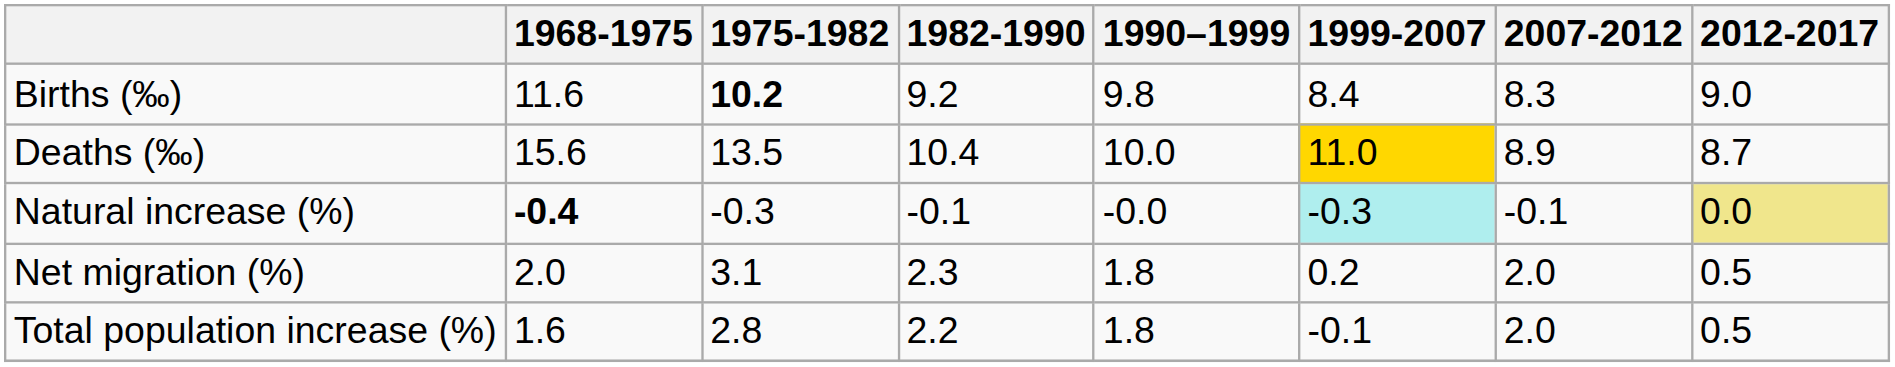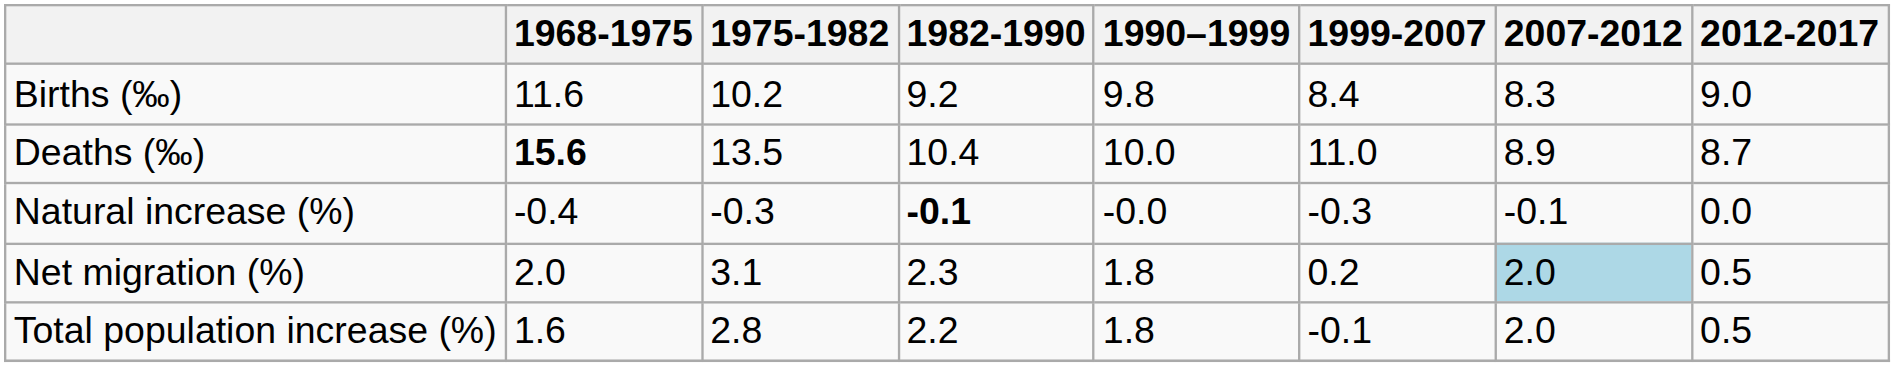 <table class="wikitable">
 <tr>
 <th></th>
 <th>1968-1975</th>
 <th>1975-1982</th>
 <th>1982-1990</th>
 <th>1990–1999</th>
 <th>1999-2007</th>
 <th>2007-2012</th>
 <th>2012-2017</th>
 </tr>
 <tr>
 <td>Births (‰)</td>
 <td>11.6</td>
-<td><strong>10.2</strong></td>
+<td>10.2</td>
 <td>9.2</td>
 <td>9.8</td>
 <td>8.4</td>
 <td>8.3</td>
 <td>9.0</td>
 </tr>
 <tr>
 <td>Deaths (‰)</td>
-<td>15.6</td>
+<td><strong>15.6</strong></td>
 <td>13.5</td>
 <td>10.4</td>
 <td>10.0</td>
-<td style="background: gold;">11.0</td>
+<td>11.0</td>
 <td>8.9</td>
 <td>8.7</td>
 </tr>
 <tr>
 <td>Natural increase (%)</td>
-<td><strong>-0.4</strong></td>
+<td>-0.4</td>
+<td>-0.3</td>
+<td><strong>-0.1</strong></td>
+<td>-0.0</td>
 <td>-0.3</td>
 <td>-0.1</td>
-<td>-0.0</td>
-<td style="background: paleturquoise;">-0.3</td>
-<td>-0.1</td>
-<td style="background: khaki;">0.0</td>
+<td>0.0</td>
 </tr>
 <tr>
 <td>Net migration (%)</td>
 <td>2.0</td>
 <td>3.1</td>
 <td>2.3</td>
 <td>1.8</td>
 <td>0.2</td>
-<td>2.0</td>
+<td style="background: lightblue;">2.0</td>
 <td>0.5</td>
 </tr>
 <tr>
 <td>Total population increase (%)</td>
 <td>1.6</td>
 <td>2.8</td>
 <td>2.2</td>
 <td>1.8</td>
 <td>-0.1</td>
 <td>2.0</td>
 <td>0.5</td>
 </tr>
 <tr>
 </tr>
 </table>
